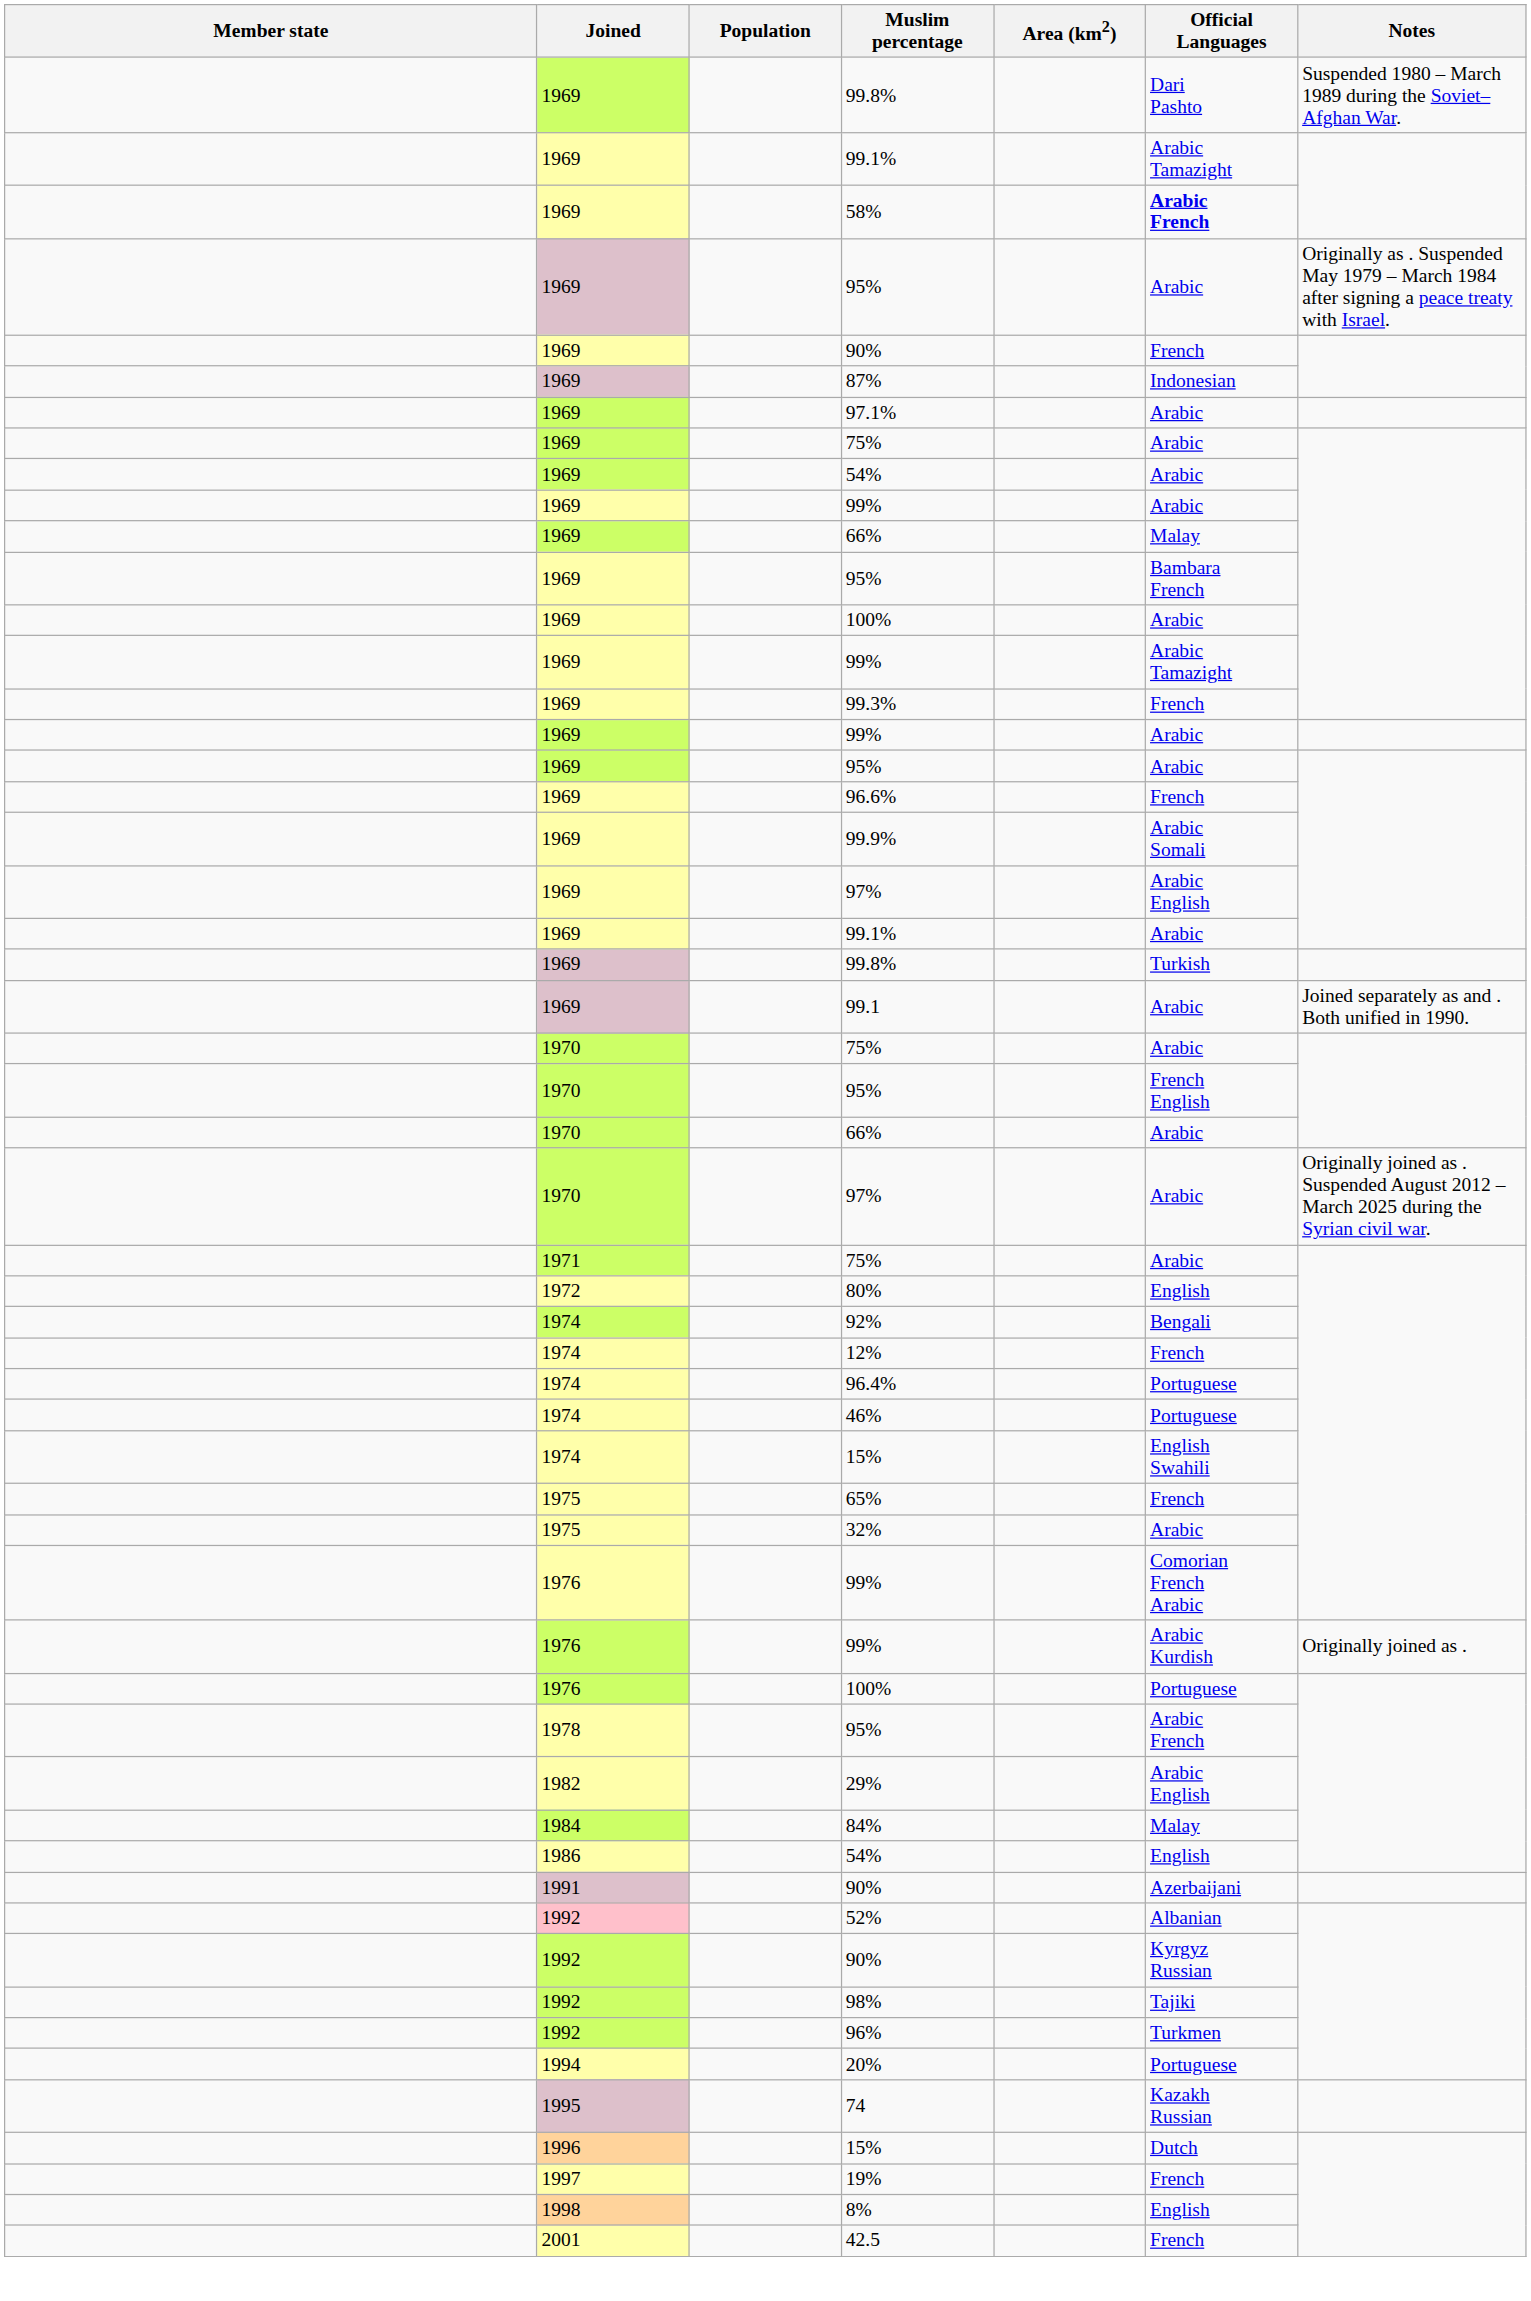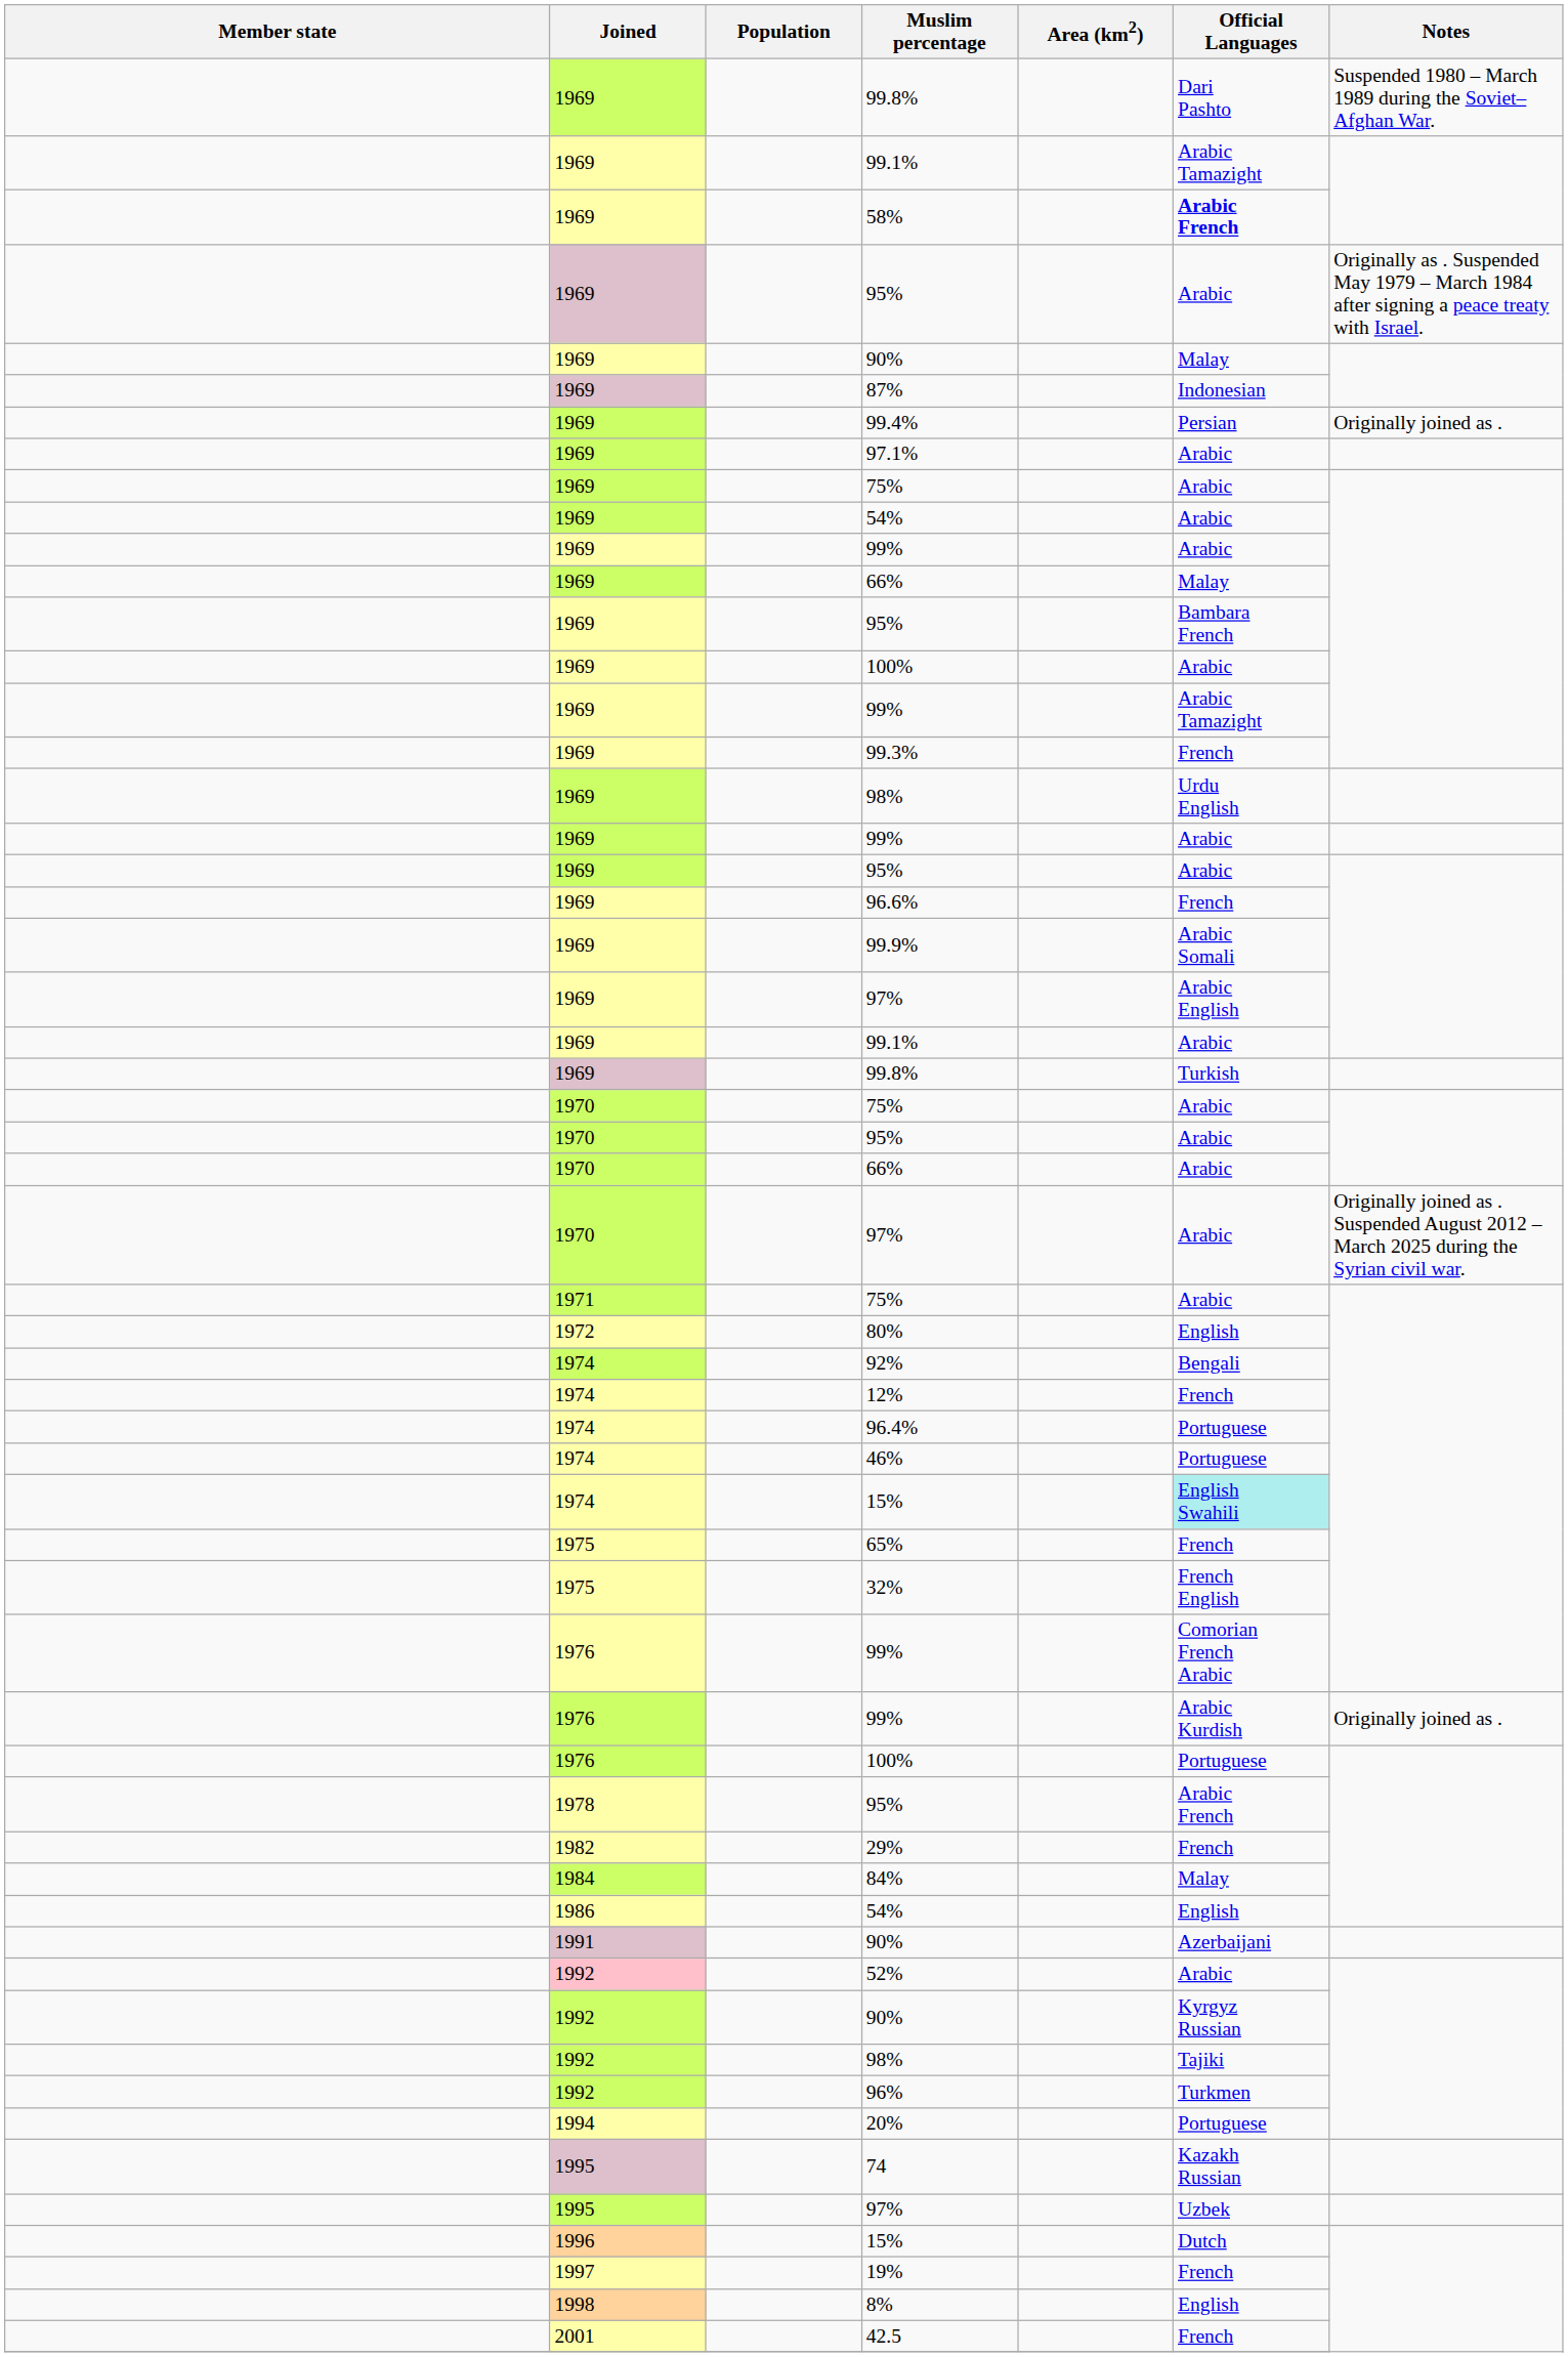 <table class="sortable wikitable" style="color:left; :95%; :collapse; :0 solid #aaa; :center">
 <tr>
 <th width=35%>Member state<br></th>
 <th width=10%>Joined<br></th>
 <th width=10%>Population<br></th>
 <th width=10%>Muslim percentage<br></th>
 <th width=10%>Area (km<sup>2</sup>)<br></th>
 <th width=10%>Official Languages<br></th>
 <th class="unsortable">Notes</th>
 </tr>
 <tr>
 <td valign=top></td>
 <td bgcolor="#CCFF66">1969</td>
 <td></td>
 <td>99.8%</td>
 <td></td>
 <td><a href='#'>Dari</a><br><a href='#'>Pashto</a></td>
 <td>Suspended 1980 – March 1989 during the <a href='#'>Soviet–Afghan War</a>.</td>
 </tr>
 <tr>
 <td valign=top></td>
 <td bgcolor="#FFFFAA">1969</td>
 <td></td>
 <td>99.1%</td>
 <td></td>
 <td><a href='#'>Arabic</a><br><a href='#'>Tamazight</a><br></td>
 </tr>
 <tr>
 <td valign="top"></td>
 <td bgcolor="#FFFFAA">1969</td>
 <td></td>
 <td>58%</td>
 <td></td>
 <td><strong><a href='#'>Arabic</a><br><a href='#'>French</a><br></strong></td>
 </tr>
 <tr>
 <td valign="top"></td>
 <td bgcolor="#DDC0CB">1969</td>
 <td></td>
 <td>95%</td>
 <td></td>
 <td><a href='#'>Arabic</a></td>
 <td>Originally as . Suspended May 1979 – March 1984 after signing a <a href='#'>peace treaty</a> with <a href='#'>Israel</a>.</td>
 </tr>
 <tr>
 <td valign="top"></td>
 <td bgcolor="#FFFFAA">1969</td>
 <td></td>
 <td>90%</td>
 <td></td>
-<td><a href='#'>French</a><br></td>
+<td><a href='#'>Malay</a><br></td>
 </tr>
 <tr>
 <td valign="top"></td>
 <td bgcolor="#DDC0CB">1969</td>
 <td></td>
 <td>87%</td>
 <td></td>
 <td><a href='#'>Indonesian</a><br></td>
+</tr>
+<tr>
+<td valign="top"></td>
+<td bgcolor="#CCFF66">1969</td>
+<td></td>
+<td>99.4%</td>
+<td></td>
+<td><a href='#'>Persian</a></td>
+<td>Originally joined as .</td>
 </tr>
 <tr>
 <td valign="top"></td>
 <td bgcolor="#CCFF66">1969</td>
 <td></td>
 <td>97.1%</td>
 <td></td>
 <td><a href='#'>Arabic</a></td>
 <td></td>
 </tr>
 <tr>
 <td valign="top"></td>
 <td bgcolor="#CCFF66">1969</td>
 <td></td>
 <td>75%</td>
 <td></td>
 <td><a href='#'>Arabic</a><br></td>
 </tr>
 <tr>
 <td valign="top"></td>
 <td bgcolor="#CCFF66">1969</td>
 <td></td>
 <td>54%</td>
 <td></td>
 <td><a href='#'>Arabic</a><br></td>
 </tr>
 <tr>
 <td valign="top"></td>
 <td bgcolor="#FFFFAA">1969</td>
 <td></td>
 <td>99%</td>
 <td></td>
 <td><a href='#'>Arabic</a><br></td>
 </tr>
 <tr>
 <td valign="top"></td>
 <td bgcolor="#CCFF66">1969</td>
 <td></td>
 <td>66%</td>
 <td></td>
 <td><a href='#'>Malay</a><br></td>
 </tr>
 <tr>
 <td valign="top"></td>
 <td bgcolor="#FFFFAA">1969</td>
 <td></td>
 <td>95%</td>
 <td></td>
 <td><a href='#'>Bambara</a><br><a href='#'>French</a><br></td>
 </tr>
 <tr>
 <td valign="top"></td>
 <td bgcolor="#FFFFAA">1969</td>
 <td></td>
 <td>100%</td>
 <td></td>
 <td><a href='#'>Arabic</a><br></td>
 </tr>
 <tr>
 <td valign="top"></td>
 <td bgcolor="#FFFFAA">1969</td>
 <td></td>
 <td>99%</td>
 <td></td>
 <td><a href='#'>Arabic</a><br><a href='#'>Tamazight</a><br></td>
 </tr>
 <tr>
 <td valign="top"></td>
 <td bgcolor="#FFFFAA">1969</td>
 <td></td>
 <td>99.3%</td>
 <td></td>
 <td><a href='#'>French</a><br></td>
 </tr>
 <tr>
 <td valign="top"></td>
 <td bgcolor="#CCFF66">1969</td>
 <td></td>
+<td>98%</td>
+<td></td>
+<td><a href='#'>Urdu</a><br><a href='#'>English</a></td>
+<td></td>
+</tr>
+<tr>
+<td valign="top"></td>
+<td bgcolor="#CCFF66">1969</td>
+<td></td>
 <td>99%</td>
 <td></td>
 <td><a href='#'>Arabic</a></td>
 <td></td>
 </tr>
 <tr>
 <td valign="top"></td>
 <td bgcolor="#CCFF66">1969</td>
 <td></td>
 <td>95%</td>
 <td></td>
 <td><a href='#'>Arabic</a><br>   </td>
 </tr>
 <tr>
 <td valign="top"></td>
 <td bgcolor="#FFFFAA">1969</td>
 <td></td>
 <td>96.6%</td>
 <td></td>
 <td><a href='#'>French</a><br></td>
 </tr>
 <tr>
 <td valign="top"></td>
 <td bgcolor="#FFFFAA">1969</td>
 <td></td>
 <td>99.9%</td>
 <td></td>
 <td><a href='#'>Arabic</a><br><a href='#'>Somali</a><br></td>
 </tr>
 <tr>
 <td valign="top"></td>
 <td bgcolor="#FFFFAA">1969</td>
 <td></td>
 <td>97%</td>
 <td></td>
 <td><a href='#'>Arabic</a><br><a href='#'>English</a><br></td>
 </tr>
 <tr>
 <td valign="top"></td>
 <td bgcolor="#FFFFAA">1969</td>
 <td></td>
 <td>99.1%</td>
 <td></td>
 <td><a href='#'>Arabic</a><br></td>
 </tr>
 <tr>
 <td valign="top"></td>
 <td bgcolor="#DDC0CB">1969</td>
 <td></td>
 <td>99.8%</td>
 <td></td>
 <td><a href='#'>Turkish</a></td>
 <td></td>
 </tr>
 <tr>
 <td valign="top"></td>
-<td bgcolor="#DDC0CB">1969</td>
-<td></td>
-<td>99.1</td>
-<td></td>
-<td><a href='#'>Arabic</a></td>
-<td>Joined separately as  and . Both unified in 1990.</td>
-</tr>
-<tr>
-<td valign="top"></td>
 <td bgcolor="#CCFF66">1970</td>
 <td></td>
 <td>75%</td>
 <td></td>
 <td><a href='#'>Arabic</a><br></td>
 </tr>
 <tr>
 <td valign="top"></td>
 <td bgcolor="#CCFF66">1970</td>
 <td></td>
 <td>95%</td>
 <td></td>
-<td><a href='#'>French</a><br><a href='#'>English</a><br></td>
+<td><a href='#'>Arabic</a><br></td>
 </tr>
 <tr>
 <td valign="top"></td>
 <td bgcolor="#CCFF66">1970</td>
 <td></td>
 <td>66%</td>
 <td></td>
 <td><a href='#'>Arabic</a><br></td>
 </tr>
 <tr>
 <td valign="top"></td>
 <td bgcolor="#CCFF66">1970</td>
 <td></td>
 <td>97%</td>
 <td></td>
 <td><a href='#'>Arabic</a></td>
 <td>Originally joined as . Suspended August 2012 – March 2025 during the <a href='#'>Syrian civil war</a>.</td>
 </tr>
 <tr>
 <td valign="top"></td>
 <td bgcolor="#CCFF66">1971</td>
 <td></td>
 <td>75%</td>
 <td></td>
 <td><a href='#'>Arabic</a><br></td>
 </tr>
 <tr>
 <td valign="top"></td>
 <td bgcolor="#FFFFAA">1972</td>
 <td></td>
 <td>80%</td>
 <td></td>
 <td><a href='#'>English</a><br></td>
 </tr>
 <tr>
 <td valign="top"></td>
 <td bgcolor="#CCFF66">1974</td>
 <td></td>
 <td>92%</td>
 <td></td>
 <td><a href='#'>Bengali</a><br></td>
 </tr>
 <tr>
 <td valign="top"></td>
 <td bgcolor="#FFFFAA">1974</td>
 <td></td>
 <td>12%</td>
 <td></td>
 <td><a href='#'>French</a><br></td>
 </tr>
 <tr>
 <td valign="top"></td>
 <td bgcolor="#FFFFAA">1974</td>
 <td></td>
 <td>96.4%</td>
 <td></td>
 <td><a href='#'>Portuguese</a><br></td>
 </tr>
 <tr>
 <td valign="top"></td>
 <td bgcolor="#FFFFAA">1974</td>
 <td></td>
 <td>46%</td>
 <td></td>
 <td><a href='#'>Portuguese</a><br></td>
 </tr>
 <tr>
 <td valign="top"></td>
 <td bgcolor="#FFFFAA">1974</td>
 <td></td>
 <td>15%</td>
 <td></td>
-<td><a href='#'>English</a><br><a href='#'>Swahili</a><br></td>
+<td style="background: paleturquoise;"><a href='#'>English</a><br><a href='#'>Swahili</a><br></td>
 </tr>
 <tr>
 <td valign="top"> </td>
 <td bgcolor="#FFFFAA">1975</td>
 <td></td>
 <td>65%</td>
 <td></td>
 <td><a href='#'>French</a><br></td>
 </tr>
 <tr>
 <td valign="top"></td>
 <td bgcolor="#FFFFAA">1975</td>
 <td></td>
 <td>32%</td>
 <td></td>
-<td><a href='#'>Arabic</a><br></td>
+<td><a href='#'>French</a><br><a href='#'>English</a><br></td>
 </tr>
 <tr>
 <td valign="top"></td>
 <td bgcolor="#FFFFAA">1976</td>
 <td></td>
 <td>99%</td>
 <td></td>
 <td><a href='#'>Comorian</a><br><a href='#'>French</a><br><a href='#'>Arabic</a><br></td>
 </tr>
 <tr>
 <td valign="top"></td>
 <td bgcolor="#CCFF66">1976</td>
 <td></td>
 <td>99%</td>
 <td></td>
 <td><a href='#'>Arabic</a><br><a href='#'>Kurdish</a></td>
 <td>Originally joined as .</td>
 </tr>
 <tr>
 <td valign="top"></td>
 <td bgcolor="#CCFF66">1976</td>
 <td></td>
 <td>100%</td>
 <td></td>
 <td><a href='#'>Portuguese</a><br></td>
 </tr>
 <tr>
 <td valign="top"></td>
 <td bgcolor="#FFFFAA">1978</td>
 <td></td>
 <td>95%</td>
 <td></td>
 <td><a href='#'>Arabic</a><br><a href='#'>French</a><br></td>
 </tr>
 <tr>
 <td valign="top"></td>
 <td bgcolor="#FFFFAA">1982</td>
 <td></td>
 <td>29%</td>
 <td></td>
-<td><a href='#'>Arabic</a><br><a href='#'>English</a><br></td>
+<td><a href='#'>French</a><br></td>
 </tr>
 <tr>
 <td valign="top"></td>
 <td bgcolor="#CCFF66">1984</td>
 <td></td>
 <td>84%</td>
 <td></td>
 <td><a href='#'>Malay</a><br></td>
 </tr>
 <tr>
 <td valign="top"></td>
 <td bgcolor="#FFFFAA">1986</td>
 <td></td>
 <td>54%</td>
 <td></td>
 <td><a href='#'>English</a><br></td>
 </tr>
 <tr>
 <td valign="top"></td>
 <td bgcolor="#DDC0CB">1991</td>
 <td></td>
 <td>90%</td>
 <td></td>
 <td><a href='#'>Azerbaijani</a></td>
 <td></td>
 </tr>
 <tr>
 <td valign=top></td>
 <td bgcolor="#FFC0CB">1992</td>
 <td></td>
 <td>52%</td>
 <td></td>
-<td><a href='#'>Albanian</a><br></td>
+<td><a href='#'>Arabic</a><br></td>
 </tr>
 <tr>
 <td valign="top"></td>
 <td bgcolor="#CCFF66">1992</td>
 <td></td>
 <td>90%</td>
 <td></td>
 <td><a href='#'>Kyrgyz</a><br><a href='#'>Russian</a><br></td>
 </tr>
 <tr>
 <td valign="top"></td>
 <td bgcolor="#CCFF66">1992</td>
 <td></td>
 <td>98%</td>
 <td></td>
 <td><a href='#'>Tajiki</a><br></td>
 </tr>
 <tr>
 <td valign="top"></td>
 <td bgcolor="#CCFF66">1992</td>
 <td></td>
 <td>96%</td>
 <td></td>
 <td><a href='#'>Turkmen</a><br></td>
 </tr>
 <tr>
 <td valign="top"></td>
 <td bgcolor="#FFFFAA">1994</td>
 <td></td>
 <td>20%</td>
 <td></td>
 <td><a href='#'>Portuguese</a><br></td>
 </tr>
 <tr>
 <td valign="top"></td>
 <td bgcolor="#DDC0CB">1995</td>
 <td></td>
 <td>74</td>
 <td></td>
 <td><a href='#'>Kazakh</a><br><a href='#'>Russian</a></td>
 <td></td>
 </tr>
 <tr>
 <td valign="top"></td>
+<td bgcolor="#CCFF66">1995</td>
+<td></td>
+<td>97%</td>
+<td></td>
+<td><a href='#'>Uzbek</a></td>
+<td></td>
+</tr>
+<tr>
+<td valign="top"></td>
 <td bgcolor="#FFD39B">1996</td>
 <td></td>
 <td>15%</td>
 <td></td>
 <td><a href='#'>Dutch</a><br></td>
 </tr>
 <tr>
 <td valign="top"></td>
 <td bgcolor="#FFFFAA">1997</td>
 <td></td>
 <td>19%</td>
 <td></td>
 <td><a href='#'>French</a><br></td>
 </tr>
 <tr>
 <td valign="top"></td>
 <td bgcolor="#FFD39B">1998</td>
 <td></td>
 <td>8%</td>
 <td></td>
 <td><a href='#'>English</a><br></td>
 </tr>
 <tr>
 <td valign="top"></td>
 <td bgcolor="#FFFFAA">2001</td>
 <td></td>
 <td>42.5</td>
 <td></td>
 <td><a href='#'>French</a><br></td>
 </tr>
 <tr>
 </tr>
 </table>
